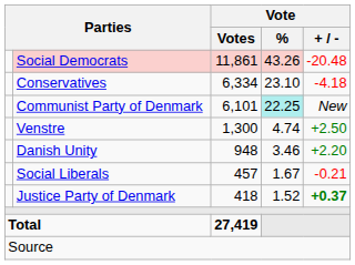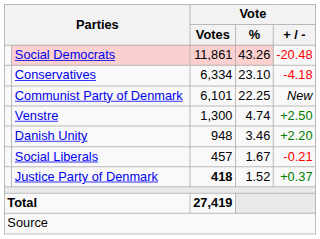 <table class="wikitable" style="text-align:right;">
 <tr>
 <th style="text-align:centre;" rowspan="2" colspan="2" width="225">Parties</th>
 <th colspan="3">Vote</th>
 </tr>
 <tr>
 <th width="15">Votes</th>
 <th width="15">%</th>
 <th width="15">+ / -</th>
 </tr>
 <tr>
 <td width="2" style="color:inherit;background:"></td>
 <td bgcolor=#fbd0ce  align="left"><a href='#'>Social Democrats</a></td>
 <td bgcolor=#fbd0ce>11,861</td>
 <td bgcolor=#fbd0ce>43.26</td>
 <td style=color:red;>-20.48</td>
 </tr>
 <tr>
 <td width="2" style="color:inherit;background:"></td>
 <td align="left"><a href='#'>Conservatives</a></td>
 <td>6,334</td>
 <td>23.10</td>
 <td style=color:red;>-4.18</td>
 </tr>
 <tr>
 <td width="2" style="color:inherit;background:"></td>
 <td align="left"><a href='#'>Communist Party of Denmark</a></td>
 <td>6,101</td>
-<td style="background: paleturquoise;">22.25</td>
+<td>22.25</td>
 <td><em>New</em></td>
 </tr>
 <tr>
 <td width="2" style="color:inherit;background:"></td>
 <td align="left"><a href='#'>Venstre</a></td>
 <td>1,300</td>
 <td>4.74</td>
 <td style=color:green;>+2.50</td>
 </tr>
 <tr>
 <td width="2" style="color:inherit;background:"></td>
 <td align="left"><a href='#'>Danish Unity</a></td>
 <td>948</td>
 <td>3.46</td>
 <td style=color:green;>+2.20</td>
 </tr>
 <tr>
 <td width="2" style="color:inherit;background:"></td>
 <td align="left"><a href='#'>Social Liberals</a></td>
 <td>457</td>
 <td>1.67</td>
 <td style=color:red;>-0.21</td>
 </tr>
 <tr>
 <td width="2" style="color:inherit;background:"></td>
 <td align="left"><a href='#'>Justice Party of Denmark</a></td>
-<td>418</td>
+<td><strong>418</strong></td>
 <td>1.52</td>
-<td style=color:green;><strong>+0.37</strong></td>
+<td style=color:green;>+0.37</td>
 </tr>
 <tr>
 <td colspan="7" bgcolor="#E9E9E9"></td>
 </tr>
 <tr>
 <td align="left" colspan="2"><strong>Total</strong></td>
 <td><strong>27,419</strong></td>
 <td bgcolor="#E9E9E9" colspan="2"></td>
 </tr>
 <tr>
 <td align="left" colspan="6">Source</td>
 </tr>
 </table>
